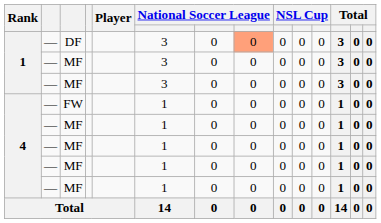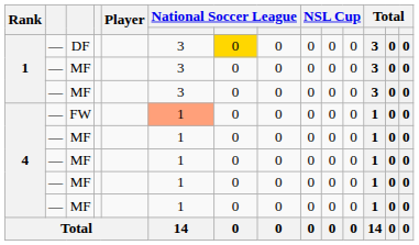 <table class="wikitable sortable" style="text-align:center">
 <tr>
 <th rowspan="2">Rank</th>
 <th rowspan="2"></th>
 <th rowspan="2"></th>
 <th rowspan="2"></th>
 <th rowspan="2">Player</th>
 <th colspan="3"><a href='#'>National Soccer League</a></th>
 <th colspan="3"><a href='#'>NSL Cup</a></th>
 <th colspan="3">Total</th>
 </tr>
 <tr>
 <th></th>
 <th></th>
 <th></th>
 <th></th>
 <th></th>
 <th></th>
 <th></th>
 <th></th>
 <th></th>
 </tr>
 <tr>
 <th rowspan="3">1</th>
 <td>—</td>
 <td>DF</td>
 <td></td>
 <td align="left"><br></td>
 <td>3</td>
-<td>0</td>
-<td style="background: lightsalmon;">0<br></td>
+<td style="background: gold;">0</td>
+<td>0<br></td>
 <td>0</td>
 <td>0</td>
 <td>0<br></td>
 <th>3</th>
 <th>0</th>
 <th>0</th>
 </tr>
 <tr>
 <td>—</td>
 <td>MF</td>
 <td></td>
 <td align="left"><br></td>
 <td>3</td>
 <td>0</td>
 <td>0<br></td>
 <td>0</td>
 <td>0</td>
 <td>0<br></td>
 <th>3</th>
 <th>0</th>
 <th>0</th>
 </tr>
 <tr>
 <td>—</td>
 <td>MF</td>
 <td></td>
 <td align="left"><br></td>
 <td>3</td>
 <td>0</td>
 <td>0<br></td>
 <td>0</td>
 <td>0</td>
 <td>0<br></td>
 <th>3</th>
 <th>0</th>
 <th>0</th>
 </tr>
 <tr>
 <th rowspan="5">4</th>
 <td>—</td>
 <td>FW</td>
 <td></td>
 <td align="left"><br></td>
-<td>1</td>
+<td style="background: lightsalmon;">1</td>
 <td>0</td>
 <td>0<br></td>
 <td>0</td>
 <td>0</td>
 <td>0<br></td>
 <th>1</th>
 <th>0</th>
 <th>0</th>
 </tr>
 <tr>
 <td>—</td>
 <td>MF</td>
 <td></td>
 <td align="left"><br></td>
 <td>1</td>
 <td>0</td>
 <td>0<br></td>
 <td>0</td>
 <td>0</td>
 <td>0<br></td>
 <th>1</th>
 <th>0</th>
 <th>0</th>
 </tr>
 <tr>
 <td>—</td>
 <td>MF</td>
 <td></td>
 <td align="left"><br></td>
 <td>1</td>
 <td>0</td>
 <td>0<br></td>
 <td>0</td>
 <td>0</td>
 <td>0<br></td>
 <th>1</th>
 <th>0</th>
 <th>0</th>
 </tr>
 <tr>
 <td>—</td>
 <td>MF</td>
 <td></td>
 <td align="left"><br></td>
 <td>1</td>
 <td>0</td>
 <td>0<br></td>
 <td>0</td>
 <td>0</td>
 <td>0<br></td>
 <th>1</th>
 <th>0</th>
 <th>0</th>
 </tr>
 <tr>
 <td>—</td>
 <td>MF</td>
 <td></td>
 <td align="left"><br></td>
 <td>1</td>
 <td>0</td>
 <td>0<br></td>
 <td>0</td>
 <td>0</td>
 <td>0<br></td>
 <th>1</th>
 <th>0</th>
 <th>0</th>
 </tr>
 <tr>
 <th colspan="5">Total<br></th>
 <th>14</th>
 <th>0</th>
 <th>0<br></th>
 <th>0</th>
 <th>0</th>
 <th>0<br></th>
 <th>14</th>
 <th>0</th>
 <th>0</th>
 </tr>
 </table>
